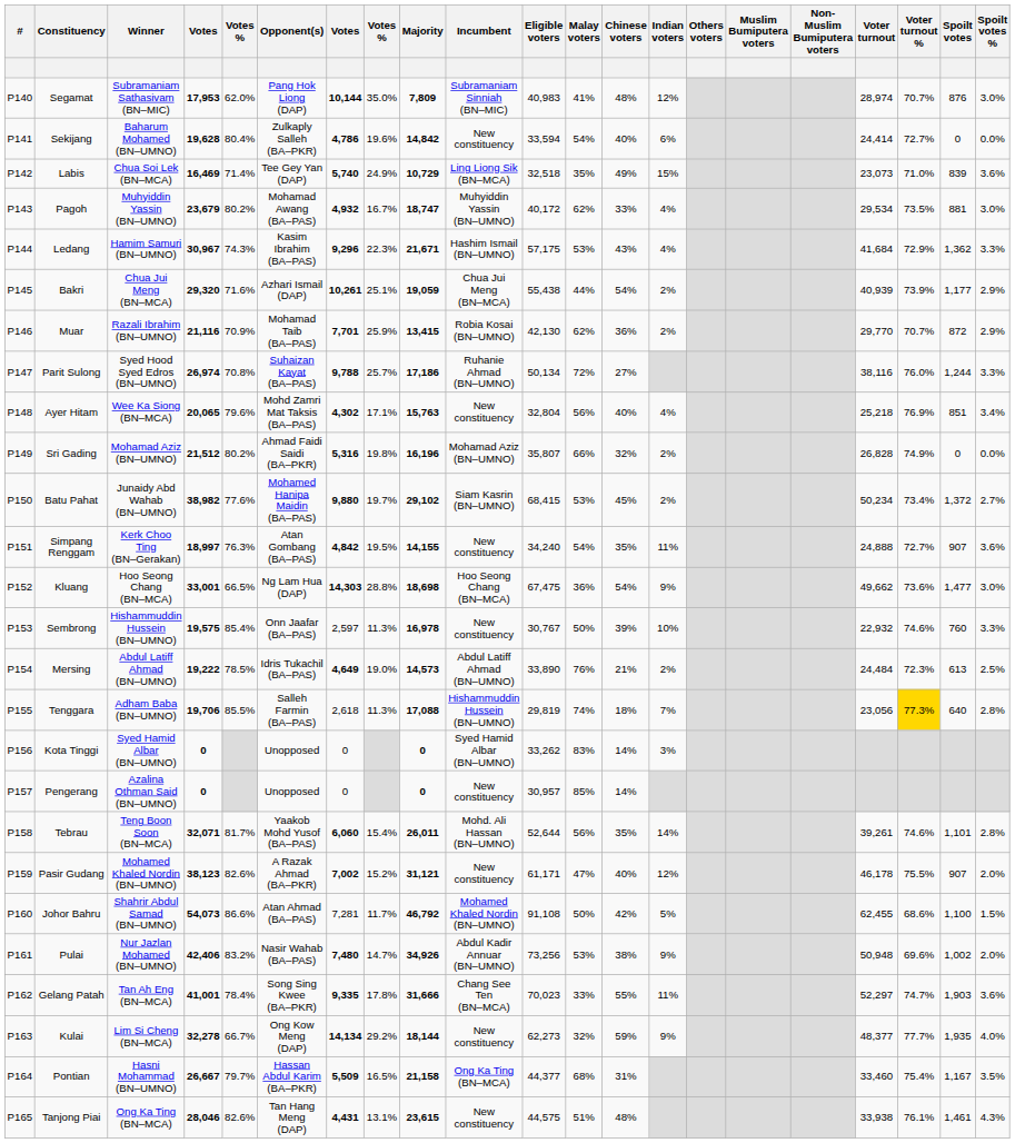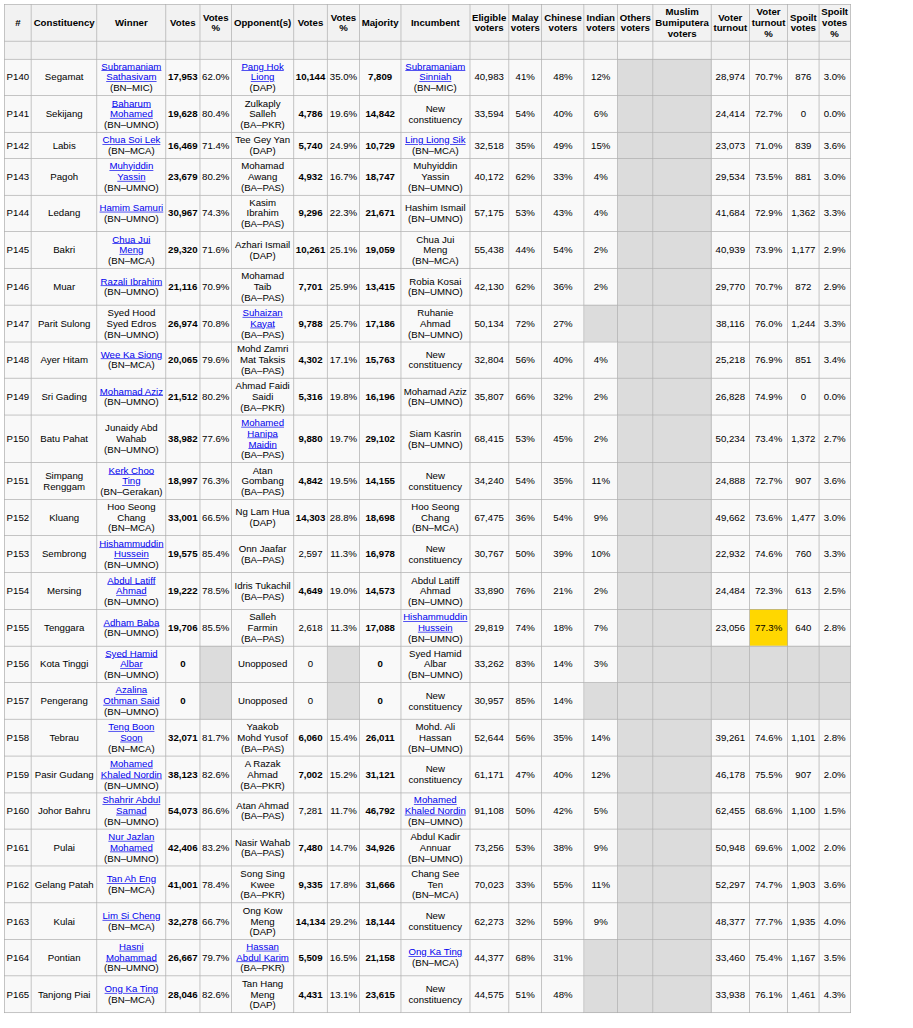 <table class="wikitable sortable" style="text-align:center; font-size:90%">
 <tr>
 <th width="30">#</th>
 <th width="60">Constituency</th>
 <th width="150">Winner</th>
 <th width="50">Votes</th>
 <th width="50">Votes %</th>
 <th width="150">Opponent(s)</th>
 <th width="50">Votes</th>
 <th width="50">Votes %</th>
 <th width="50">Majority</th>
 <th width="150">Incumbent</th>
 <th width="50">Eligible voters</th>
 <th width="50">Malay voters</th>
 <th width="50">Chinese voters</th>
 <th width="50">Indian voters</th>
 <th width="50">Others voters</th>
 <th width="50">Muslim Bumiputera voters</th>
-<th width="50">Non-Muslim Bumiputera voters</th>
 <th width="50">Voter turnout</th>
 <th width="50">Voter turnout %</th>
 <th width="50">Spoilt votes</th>
 <th width="50">Spoilt votes %</th>
 </tr>
 <tr>
 <th height="20"></th>
-<th></th>
 <th></th>
 <th></th>
 <th></th>
 <th></th>
 <th></th>
 <th></th>
 <th></th>
 <th></th>
 <th></th>
 <th></th>
 <th></th>
 <th></th>
 <th></th>
 <th></th>
 <th></th>
 <th></th>
 <th></th>
 <th></th>
 <th></th>
 </tr>
 <tr>
 <td>P140</td>
 <td>Segamat</td>
 <td><a href='#'>Subramaniam Sathasivam</a><br>(BN–MIC)</td>
 <td><strong>17,953</strong></td>
 <td>62.0%</td>
 <td><a href='#'>Pang Hok Liong</a><br>(DAP)</td>
 <td><strong>10,144</strong></td>
 <td>35.0%</td>
 <td><strong>7,809</strong></td>
 <td><a href='#'>Subramaniam Sinniah</a><br>(BN–MIC)</td>
 <td>40,983</td>
 <td>41%</td>
 <td>48%</td>
 <td>12%</td>
 <td bgcolor="dcdcdc"></td>
 <td bgcolor="dcdcdc"></td>
-<td bgcolor="dcdcdc"></td>
 <td>28,974</td>
 <td>70.7%</td>
 <td>876</td>
 <td>3.0%</td>
 </tr>
 <tr>
 <td>P141</td>
 <td>Sekijang</td>
 <td><a href='#'>Baharum Mohamed</a><br>(BN–UMNO)</td>
 <td><strong>19,628</strong></td>
 <td>80.4%</td>
 <td>Zulkaply Salleh<br>(BA–PKR)</td>
 <td><strong>4,786</strong></td>
 <td>19.6%</td>
 <td><strong>14,842</strong></td>
 <td>New constituency</td>
 <td>33,594</td>
 <td>54%</td>
 <td>40%</td>
 <td>6%</td>
-<td bgcolor="dcdcdc"></td>
 <td bgcolor="dcdcdc"></td>
 <td bgcolor="dcdcdc"></td>
 <td>24,414</td>
 <td>72.7%</td>
 <td>0</td>
 <td>0.0%</td>
 </tr>
 <tr>
 <td>P142</td>
 <td>Labis</td>
 <td><a href='#'>Chua Soi Lek</a><br>(BN–MCA)</td>
 <td><strong>16,469</strong></td>
 <td>71.4%</td>
 <td>Tee Gey Yan<br>(DAP)</td>
 <td><strong>5,740</strong></td>
 <td>24.9%</td>
 <td><strong>10,729</strong></td>
 <td><a href='#'>Ling Liong Sik</a><br>(BN–MCA)</td>
 <td>32,518</td>
 <td>35%</td>
 <td>49%</td>
 <td>15%</td>
 <td bgcolor="dcdcdc"></td>
 <td bgcolor="dcdcdc"></td>
-<td bgcolor="dcdcdc"></td>
 <td>23,073</td>
 <td>71.0%</td>
 <td>839</td>
 <td>3.6%</td>
 </tr>
 <tr>
 <td>P143</td>
 <td>Pagoh</td>
 <td><a href='#'>Muhyiddin Yassin</a><br>(BN–UMNO)</td>
 <td><strong>23,679</strong></td>
 <td>80.2%</td>
 <td>Mohamad Awang<br>(BA–PAS)</td>
 <td><strong>4,932</strong></td>
 <td>16.7%</td>
 <td><strong>18,747</strong></td>
 <td>Muhyiddin Yassin<br>(BN–UMNO)</td>
 <td>40,172</td>
 <td>62%</td>
 <td>33%</td>
 <td>4%</td>
-<td bgcolor="dcdcdc"></td>
 <td bgcolor="dcdcdc"></td>
 <td bgcolor="dcdcdc"></td>
 <td>29,534</td>
 <td>73.5%</td>
 <td>881</td>
 <td>3.0%</td>
 </tr>
 <tr>
 <td>P144</td>
 <td>Ledang</td>
 <td><a href='#'>Hamim Samuri</a><br>(BN–UMNO)</td>
 <td><strong>30,967</strong></td>
 <td>74.3%</td>
 <td>Kasim Ibrahim<br>(BA–PAS)</td>
 <td><strong>9,296</strong></td>
 <td>22.3%</td>
 <td><strong>21,671</strong></td>
 <td>Hashim Ismail<br>(BN–UMNO)</td>
 <td>57,175</td>
 <td>53%</td>
 <td>43%</td>
 <td>4%</td>
 <td bgcolor="dcdcdc"></td>
 <td bgcolor="dcdcdc"></td>
-<td bgcolor="dcdcdc"></td>
 <td>41,684</td>
 <td>72.9%</td>
 <td>1,362</td>
 <td>3.3%</td>
 </tr>
 <tr>
 <td>P145</td>
 <td>Bakri</td>
 <td><a href='#'>Chua Jui Meng</a><br>(BN–MCA)</td>
 <td><strong>29,320</strong></td>
 <td>71.6%</td>
 <td>Azhari Ismail<br>(DAP)</td>
 <td><strong>10,261</strong></td>
 <td>25.1%</td>
 <td><strong>19,059</strong></td>
 <td>Chua Jui Meng<br>(BN–MCA)</td>
 <td>55,438</td>
 <td>44%</td>
 <td>54%</td>
 <td>2%</td>
-<td bgcolor="dcdcdc"></td>
 <td bgcolor="dcdcdc"></td>
 <td bgcolor="dcdcdc"></td>
 <td>40,939</td>
 <td>73.9%</td>
 <td>1,177</td>
 <td>2.9%</td>
 </tr>
 <tr>
 <td>P146</td>
 <td>Muar</td>
 <td><a href='#'>Razali Ibrahim</a><br>(BN–UMNO)</td>
 <td><strong>21,116</strong></td>
 <td>70.9%</td>
 <td>Mohamad Taib<br>(BA–PAS)</td>
 <td><strong>7,701</strong></td>
 <td>25.9%</td>
 <td><strong>13,415</strong></td>
 <td>Robia Kosai<br>(BN–UMNO)</td>
 <td>42,130</td>
 <td>62%</td>
 <td>36%</td>
 <td>2%</td>
 <td bgcolor="dcdcdc"></td>
 <td bgcolor="dcdcdc"></td>
-<td bgcolor="dcdcdc"></td>
 <td>29,770</td>
 <td>70.7%</td>
 <td>872</td>
 <td>2.9%</td>
 </tr>
 <tr>
 <td>P147</td>
 <td>Parit Sulong</td>
 <td>Syed Hood Syed Edros<br>(BN–UMNO)</td>
 <td><strong>26,974</strong></td>
 <td>70.8%</td>
 <td><a href='#'>Suhaizan Kayat</a><br>(BA–PAS)</td>
 <td><strong>9,788</strong></td>
 <td>25.7%</td>
 <td><strong>17,186</strong></td>
 <td>Ruhanie Ahmad<br>(BN–UMNO)</td>
 <td>50,134</td>
 <td>72%</td>
 <td>27%</td>
-<td bgcolor="dcdcdc"></td>
 <td bgcolor="dcdcdc"></td>
 <td bgcolor="dcdcdc"></td>
 <td bgcolor="dcdcdc"></td>
 <td>38,116</td>
 <td>76.0%</td>
 <td>1,244</td>
 <td>3.3%</td>
 </tr>
 <tr>
 <td>P148</td>
 <td>Ayer Hitam</td>
 <td><a href='#'>Wee Ka Siong</a><br>(BN–MCA)</td>
 <td><strong>20,065</strong></td>
 <td>79.6%</td>
 <td>Mohd Zamri Mat Taksis<br>(BA–PAS)</td>
 <td><strong>4,302</strong></td>
 <td>17.1%</td>
 <td><strong>15,763</strong></td>
 <td>New constituency</td>
 <td>32,804</td>
 <td>56%</td>
 <td>40%</td>
 <td>4%</td>
 <td bgcolor="dcdcdc"></td>
 <td bgcolor="dcdcdc"></td>
-<td bgcolor="dcdcdc"></td>
 <td>25,218</td>
 <td>76.9%</td>
 <td>851</td>
 <td>3.4%</td>
 </tr>
 <tr>
 <td>P149</td>
 <td>Sri Gading</td>
 <td><a href='#'>Mohamad Aziz</a><br>(BN–UMNO)</td>
 <td><strong>21,512</strong></td>
 <td>80.2%</td>
 <td>Ahmad Faidi Saidi<br>(BA–PKR)</td>
 <td><strong>5,316</strong></td>
 <td>19.8%</td>
 <td><strong>16,196</strong></td>
 <td>Mohamad Aziz<br>(BN–UMNO)</td>
 <td>35,807</td>
 <td>66%</td>
 <td>32%</td>
 <td>2%</td>
-<td bgcolor="dcdcdc"></td>
 <td bgcolor="dcdcdc"></td>
 <td bgcolor="dcdcdc"></td>
 <td>26,828</td>
 <td>74.9%</td>
 <td>0</td>
 <td>0.0%</td>
 </tr>
 <tr>
 <td>P150</td>
 <td>Batu Pahat</td>
 <td>Junaidy Abd Wahab<br>(BN–UMNO)</td>
 <td><strong>38,982</strong></td>
 <td>77.6%</td>
 <td><a href='#'>Mohamed Hanipa Maidin</a><br>(BA–PAS)</td>
 <td><strong>9,880</strong></td>
 <td>19.7%</td>
 <td><strong>29,102</strong></td>
 <td>Siam Kasrin<br>(BN–UMNO)</td>
 <td>68,415</td>
 <td>53%</td>
 <td>45%</td>
 <td>2%</td>
 <td bgcolor="dcdcdc"></td>
 <td bgcolor="dcdcdc"></td>
-<td bgcolor="dcdcdc"></td>
 <td>50,234</td>
 <td>73.4%</td>
 <td>1,372</td>
 <td>2.7%</td>
 </tr>
 <tr>
 <td>P151</td>
 <td>Simpang Renggam</td>
 <td><a href='#'>Kerk Choo Ting</a><br>(BN–Gerakan)</td>
 <td><strong>18,997</strong></td>
 <td>76.3%</td>
 <td>Atan Gombang<br>(BA–PAS)</td>
 <td><strong>4,842</strong></td>
 <td>19.5%</td>
 <td><strong>14,155</strong></td>
 <td>New constituency</td>
 <td>34,240</td>
 <td>54%</td>
 <td>35%</td>
 <td>11%</td>
-<td bgcolor="dcdcdc"></td>
 <td bgcolor="dcdcdc"></td>
 <td bgcolor="dcdcdc"></td>
 <td>24,888</td>
 <td>72.7%</td>
 <td>907</td>
 <td>3.6%</td>
 </tr>
 <tr>
 <td>P152</td>
 <td>Kluang</td>
 <td>Hoo Seong Chang<br>(BN–MCA)</td>
 <td><strong>33,001</strong></td>
 <td>66.5%</td>
 <td>Ng Lam Hua<br>(DAP)</td>
 <td><strong>14,303</strong></td>
 <td>28.8%</td>
 <td><strong>18,698</strong></td>
 <td>Hoo Seong Chang<br>(BN–MCA)</td>
 <td>67,475</td>
 <td>36%</td>
 <td>54%</td>
 <td>9%</td>
 <td bgcolor="dcdcdc"></td>
 <td bgcolor="dcdcdc"></td>
-<td bgcolor="dcdcdc"></td>
 <td>49,662</td>
 <td>73.6%</td>
 <td>1,477</td>
 <td>3.0%</td>
 </tr>
 <tr>
 <td>P153</td>
 <td>Sembrong</td>
 <td><a href='#'>Hishammuddin Hussein</a><br>(BN–UMNO)</td>
 <td><strong>19,575</strong></td>
 <td>85.4%</td>
 <td>Onn Jaafar<br>(BA–PAS)</td>
 <td>2,597</td>
 <td>11.3%</td>
 <td><strong>16,978</strong></td>
 <td>New constituency</td>
 <td>30,767</td>
 <td>50%</td>
 <td>39%</td>
 <td>10%</td>
-<td bgcolor="dcdcdc"></td>
 <td bgcolor="dcdcdc"></td>
 <td bgcolor="dcdcdc"></td>
 <td>22,932</td>
 <td>74.6%</td>
 <td>760</td>
 <td>3.3%</td>
 </tr>
 <tr>
 <td>P154</td>
 <td>Mersing</td>
 <td><a href='#'>Abdul Latiff Ahmad</a><br>(BN–UMNO)</td>
 <td><strong>19,222</strong></td>
 <td>78.5%</td>
 <td>Idris Tukachil<br>(BA–PAS)</td>
 <td><strong>4,649</strong></td>
 <td>19.0%</td>
 <td><strong>14,573</strong></td>
 <td>Abdul Latiff Ahmad<br>(BN–UMNO)</td>
 <td>33,890</td>
 <td>76%</td>
 <td>21%</td>
 <td>2%</td>
 <td bgcolor="dcdcdc"></td>
 <td bgcolor="dcdcdc"></td>
-<td bgcolor="dcdcdc"></td>
 <td>24,484</td>
 <td>72.3%</td>
 <td>613</td>
 <td>2.5%</td>
 </tr>
 <tr>
 <td>P155</td>
 <td>Tenggara</td>
 <td><a href='#'>Adham Baba</a><br>(BN–UMNO)</td>
 <td><strong>19,706</strong></td>
 <td>85.5%</td>
 <td>Salleh Farmin<br>(BA–PAS)</td>
 <td>2,618</td>
 <td>11.3%</td>
 <td><strong>17,088</strong></td>
 <td><a href='#'>Hishammuddin Hussein</a><br>(BN–UMNO)</td>
 <td>29,819</td>
 <td>74%</td>
 <td>18%</td>
 <td>7%</td>
-<td bgcolor="dcdcdc"></td>
 <td bgcolor="dcdcdc"></td>
 <td bgcolor="dcdcdc"></td>
 <td>23,056</td>
 <td style="background: gold;">77.3%</td>
 <td>640</td>
 <td>2.8%</td>
 </tr>
 <tr>
 <td>P156</td>
 <td>Kota Tinggi</td>
 <td><a href='#'>Syed Hamid Albar</a><br>(BN–UMNO)</td>
 <td><strong>0</strong></td>
 <td bgcolor="dcdcdc"></td>
 <td>Unopposed</td>
 <td>0</td>
 <td bgcolor="dcdcdc"></td>
 <td><strong>0</strong></td>
 <td>Syed Hamid Albar<br>(BN–UMNO)</td>
 <td>33,262</td>
 <td>83%</td>
 <td>14%</td>
 <td>3%</td>
 <td bgcolor="dcdcdc"></td>
 <td bgcolor="dcdcdc"></td>
 <td bgcolor="dcdcdc"></td>
 <td bgcolor="dcdcdc"></td>
 <td bgcolor="dcdcdc"></td>
 <td bgcolor="dcdcdc"></td>
-<td bgcolor="dcdcdc"></td>
 </tr>
 <tr>
 <td>P157</td>
 <td>Pengerang</td>
 <td><a href='#'>Azalina Othman Said</a><br>(BN–UMNO)</td>
 <td><strong>0</strong></td>
 <td bgcolor="dcdcdc"></td>
 <td>Unopposed</td>
 <td>0</td>
 <td bgcolor="dcdcdc"></td>
 <td><strong>0</strong></td>
 <td>New constituency</td>
 <td>30,957</td>
 <td>85%</td>
 <td>14%</td>
-<td bgcolor="dcdcdc"></td>
 <td bgcolor="dcdcdc"></td>
 <td bgcolor="dcdcdc"></td>
 <td bgcolor="dcdcdc"></td>
 <td bgcolor="dcdcdc"></td>
 <td bgcolor="dcdcdc"></td>
 <td bgcolor="dcdcdc"></td>
 <td bgcolor="dcdcdc"></td>
 </tr>
 <tr>
 <td>P158</td>
 <td>Tebrau</td>
 <td><a href='#'>Teng Boon Soon</a><br>(BN–MCA)</td>
 <td><strong>32,071</strong></td>
 <td>81.7%</td>
 <td>Yaakob Mohd Yusof<br>(BA–PAS)</td>
 <td><strong>6,060</strong></td>
 <td>15.4%</td>
 <td><strong>26,011</strong></td>
 <td>Mohd. Ali Hassan<br>(BN–UMNO)</td>
 <td>52,644</td>
 <td>56%</td>
 <td>35%</td>
 <td>14%</td>
 <td bgcolor="dcdcdc"></td>
 <td bgcolor="dcdcdc"></td>
-<td bgcolor="dcdcdc"></td>
 <td>39,261</td>
 <td>74.6%</td>
 <td>1,101</td>
 <td>2.8%</td>
 </tr>
 <tr>
 <td>P159</td>
 <td>Pasir Gudang</td>
 <td><a href='#'>Mohamed Khaled Nordin</a><br>(BN–UMNO)</td>
 <td><strong>38,123</strong></td>
 <td>82.6%</td>
 <td>A Razak Ahmad<br>(BA–PKR)</td>
 <td><strong>7,002</strong></td>
 <td>15.2%</td>
 <td><strong>31,121</strong></td>
 <td>New constituency</td>
 <td>61,171</td>
 <td>47%</td>
 <td>40%</td>
 <td>12%</td>
-<td bgcolor="dcdcdc"></td>
 <td bgcolor="dcdcdc"></td>
 <td bgcolor="dcdcdc"></td>
 <td>46,178</td>
 <td>75.5%</td>
 <td>907</td>
 <td>2.0%</td>
 </tr>
 <tr>
 <td>P160</td>
 <td>Johor Bahru</td>
 <td><a href='#'>Shahrir Abdul Samad</a><br>(BN–UMNO)</td>
 <td><strong>54,073</strong></td>
 <td>86.6%</td>
 <td>Atan Ahmad<br>(BA–PAS)</td>
 <td>7,281</td>
 <td>11.7%</td>
 <td><strong>46,792</strong></td>
 <td><a href='#'>Mohamed Khaled Nordin</a><br>(BN–UMNO)</td>
 <td>91,108</td>
 <td>50%</td>
 <td>42%</td>
 <td>5%</td>
 <td bgcolor="dcdcdc"></td>
 <td bgcolor="dcdcdc"></td>
-<td bgcolor="dcdcdc"></td>
 <td>62,455</td>
 <td>68.6%</td>
 <td>1,100</td>
 <td>1.5%</td>
 </tr>
 <tr>
 <td>P161</td>
 <td>Pulai</td>
 <td><a href='#'>Nur Jazlan Mohamed</a><br>(BN–UMNO)</td>
 <td><strong>42,406</strong></td>
 <td>83.2%</td>
 <td>Nasir Wahab<br>(BA–PAS)</td>
 <td><strong>7,480</strong></td>
 <td>14.7%</td>
 <td><strong>34,926</strong></td>
 <td>Abdul Kadir Annuar<br>(BN–UMNO)</td>
 <td>73,256</td>
 <td>53%</td>
 <td>38%</td>
 <td>9%</td>
-<td bgcolor="dcdcdc"></td>
 <td bgcolor="dcdcdc"></td>
 <td bgcolor="dcdcdc"></td>
 <td>50,948</td>
 <td>69.6%</td>
 <td>1,002</td>
 <td>2.0%</td>
 </tr>
 <tr>
 <td>P162</td>
 <td>Gelang Patah</td>
 <td><a href='#'>Tan Ah Eng</a><br>(BN–MCA)</td>
 <td><strong>41,001</strong></td>
 <td>78.4%</td>
 <td>Song Sing Kwee<br>(BA–PKR)</td>
 <td><strong>9,335</strong></td>
 <td>17.8%</td>
 <td><strong>31,666</strong></td>
 <td>Chang See Ten<br>(BN–MCA)</td>
 <td>70,023</td>
 <td>33%</td>
 <td>55%</td>
 <td>11%</td>
 <td bgcolor="dcdcdc"></td>
 <td bgcolor="dcdcdc"></td>
-<td bgcolor="dcdcdc"></td>
 <td>52,297</td>
 <td>74.7%</td>
 <td>1,903</td>
 <td>3.6%</td>
 </tr>
 <tr>
 <td>P163</td>
 <td>Kulai</td>
 <td><a href='#'>Lim Si Cheng</a><br>(BN–MCA)</td>
 <td><strong>32,278</strong></td>
 <td>66.7%</td>
 <td>Ong Kow Meng<br>(DAP)</td>
 <td><strong>14,134</strong></td>
 <td>29.2%</td>
 <td><strong>18,144</strong></td>
 <td>New constituency</td>
 <td>62,273</td>
 <td>32%</td>
 <td>59%</td>
 <td>9%</td>
 <td bgcolor="dcdcdc"></td>
 <td bgcolor="dcdcdc"></td>
-<td bgcolor="dcdcdc"></td>
 <td>48,377</td>
 <td>77.7%</td>
 <td>1,935</td>
 <td>4.0%</td>
 </tr>
 <tr>
 <td>P164</td>
 <td>Pontian</td>
 <td><a href='#'>Hasni Mohammad</a><br>(BN–UMNO)</td>
 <td><strong>26,667</strong></td>
 <td>79.7%</td>
 <td><a href='#'>Hassan Abdul Karim</a><br>(BA–PKR)</td>
 <td><strong>5,509</strong></td>
 <td>16.5%</td>
 <td><strong>21,158</strong></td>
 <td><a href='#'>Ong Ka Ting</a><br>(BN–MCA)</td>
 <td>44,377</td>
 <td>68%</td>
 <td>31%</td>
-<td bgcolor="dcdcdc"></td>
 <td bgcolor="dcdcdc"></td>
 <td bgcolor="dcdcdc"></td>
 <td bgcolor="dcdcdc"></td>
 <td>33,460</td>
 <td>75.4%</td>
 <td>1,167</td>
 <td>3.5%</td>
 </tr>
 <tr>
 <td>P165</td>
 <td>Tanjong Piai</td>
 <td><a href='#'>Ong Ka Ting</a><br>(BN–MCA)</td>
 <td><strong>28,046</strong></td>
 <td>82.6%</td>
 <td>Tan Hang Meng<br>(DAP)</td>
 <td><strong>4,431</strong></td>
 <td>13.1%</td>
 <td><strong>23,615</strong></td>
 <td>New constituency</td>
 <td>44,575</td>
 <td>51%</td>
 <td>48%</td>
 <td bgcolor="dcdcdc"></td>
 <td bgcolor="dcdcdc"></td>
 <td bgcolor="dcdcdc"></td>
-<td bgcolor="dcdcdc"></td>
 <td>33,938</td>
 <td>76.1%</td>
 <td>1,461</td>
 <td>4.3%</td>
 </tr>
 </table>
